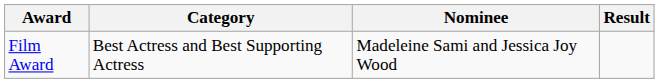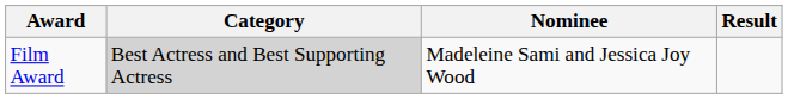 <table class="wikitable sortable">
 <tr>
 <th>Award</th>
 <th>Category</th>
 <th>Nominee</th>
 <th>Result</th>
 </tr>
 <tr>
 <td rowspan="2"><a href='#'>Film Award</a></td>
-<td>Best Actress and Best Supporting Actress</td>
+<td style="background: lightgrey;">Best Actress and Best Supporting Actress</td>
 <td>Madeleine Sami and Jessica Joy Wood</td>
 <td></td>
 </tr>
 </table>
